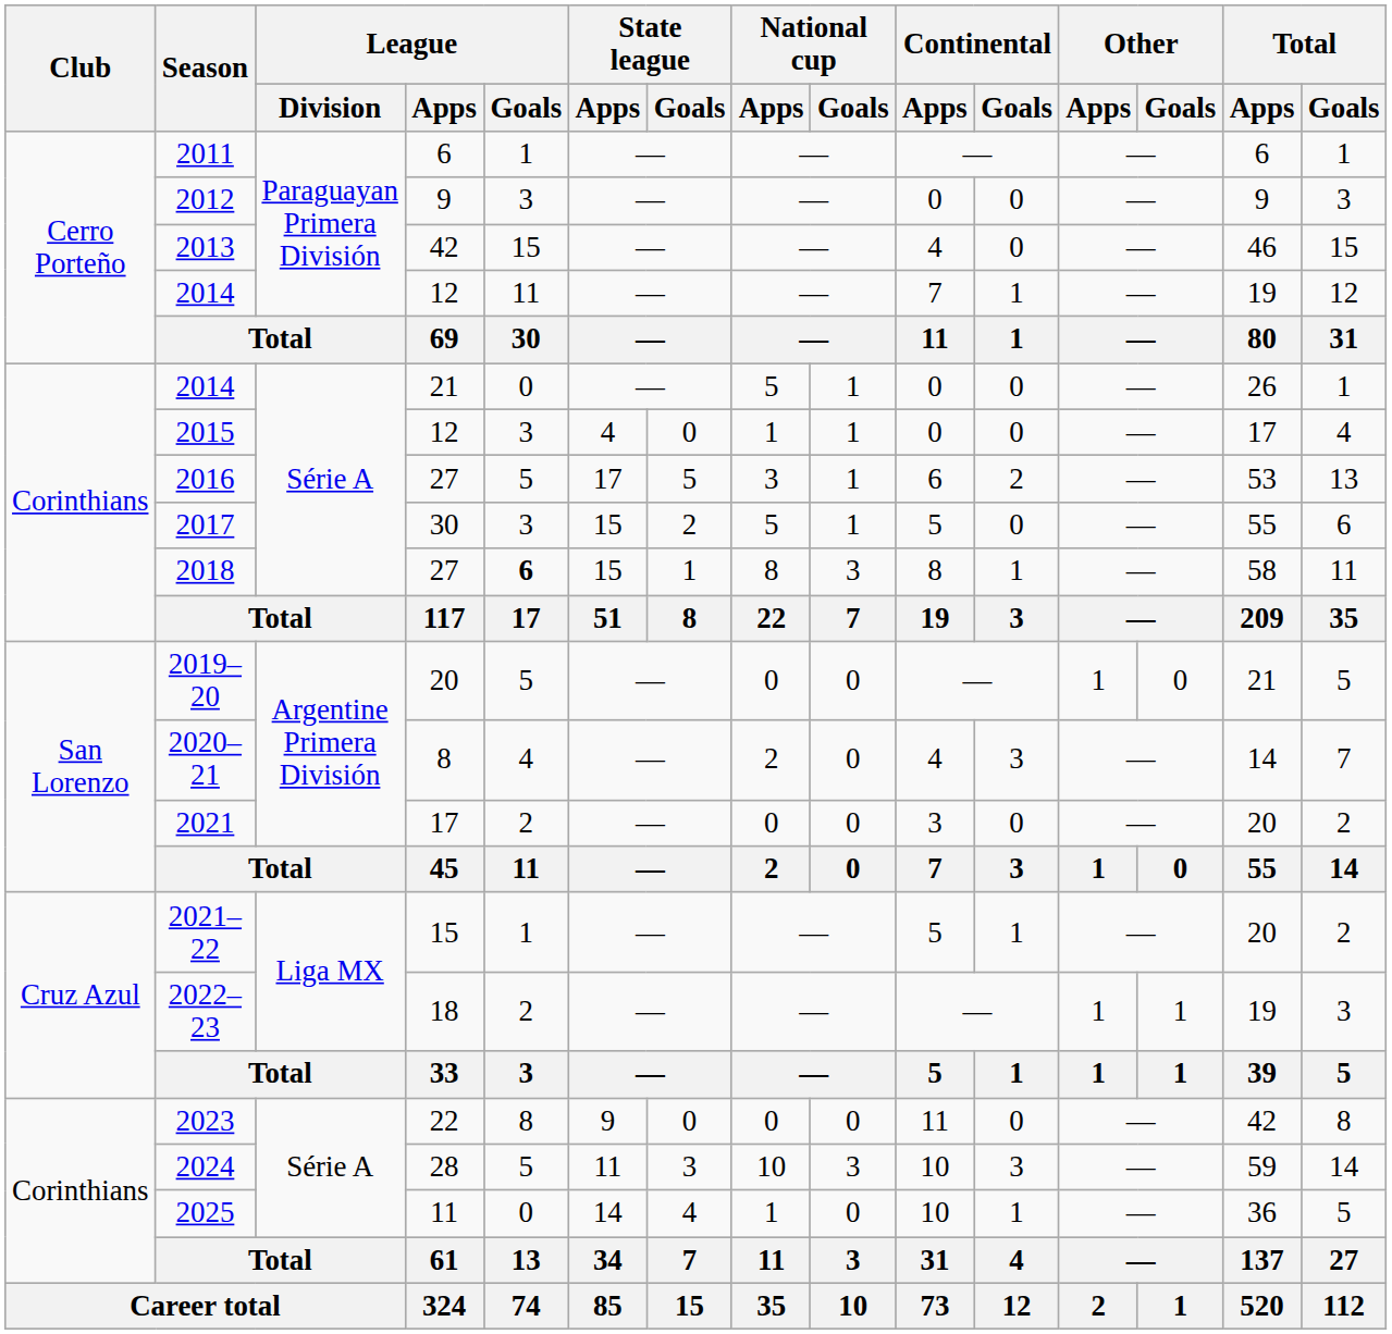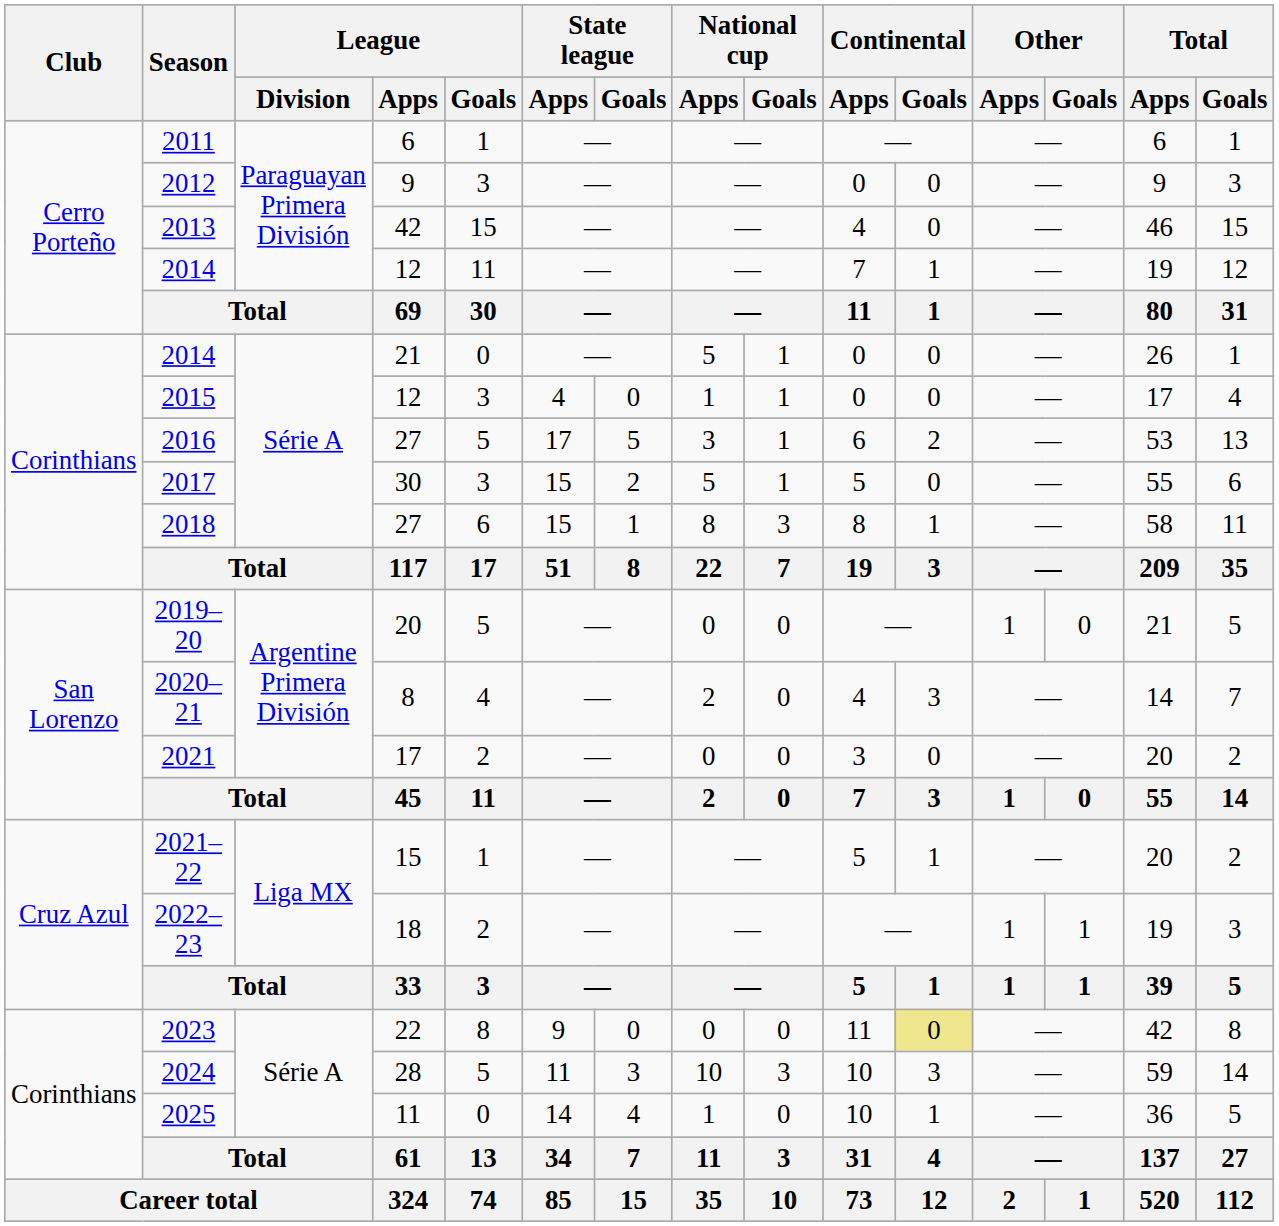 <table class="wikitable" style="text-align:center">
 <tr>
 <th rowspan="2">Club</th>
 <th rowspan="2">Season</th>
 <th colspan="3">League</th>
 <th colspan="2">State league</th>
 <th colspan="2">National cup</th>
 <th colspan="2">Continental</th>
 <th colspan="2">Other</th>
 <th colspan="2">Total</th>
 </tr>
 <tr>
 <th>Division</th>
 <th>Apps</th>
 <th>Goals</th>
 <th>Apps</th>
 <th>Goals</th>
 <th>Apps</th>
 <th>Goals</th>
 <th>Apps</th>
 <th>Goals</th>
 <th>Apps</th>
 <th>Goals</th>
 <th>Apps</th>
 <th>Goals</th>
 </tr>
 <tr>
 <td rowspan="5"><a href='#'>Cerro Porteño</a></td>
 <td><a href='#'>2011</a></td>
 <td rowspan="4"><a href='#'>Paraguayan Primera División</a></td>
 <td>6</td>
 <td>1</td>
 <td colspan="2">—</td>
 <td colspan="2">—</td>
 <td colspan="2">—</td>
 <td colspan="2">—</td>
 <td>6</td>
 <td>1</td>
 </tr>
 <tr>
 <td><a href='#'>2012</a></td>
 <td>9</td>
 <td>3</td>
 <td colspan="2">—</td>
 <td colspan="2">—</td>
 <td>0</td>
 <td>0</td>
 <td colspan="2">—</td>
 <td>9</td>
 <td>3</td>
 </tr>
 <tr>
 <td><a href='#'>2013</a></td>
 <td>42</td>
 <td>15</td>
 <td colspan="2">—</td>
 <td colspan="2">—</td>
 <td>4</td>
 <td>0</td>
 <td colspan="2">—</td>
 <td>46</td>
 <td>15</td>
 </tr>
 <tr>
 <td><a href='#'>2014</a></td>
 <td>12</td>
 <td>11</td>
 <td colspan="2">—</td>
 <td colspan="2">—</td>
 <td>7</td>
 <td>1</td>
 <td colspan="2">—</td>
 <td>19</td>
 <td>12</td>
 </tr>
 <tr>
 <th colspan="2">Total</th>
 <th>69</th>
 <th>30</th>
 <th colspan="2">—</th>
 <th colspan="2">—</th>
 <th>11</th>
 <th>1</th>
 <th colspan="2">—</th>
 <th>80</th>
 <th>31</th>
 </tr>
 <tr>
 <td rowspan="6"><a href='#'>Corinthians</a></td>
 <td><a href='#'>2014</a></td>
 <td rowspan="5"><a href='#'>Série A</a></td>
 <td>21</td>
 <td>0</td>
 <td colspan="2">—</td>
 <td>5</td>
 <td>1</td>
 <td>0</td>
 <td>0</td>
 <td colspan="2">—</td>
 <td>26</td>
 <td>1</td>
 </tr>
 <tr>
 <td><a href='#'>2015</a></td>
 <td>12</td>
 <td>3</td>
 <td>4</td>
 <td>0</td>
 <td>1</td>
 <td>1</td>
 <td>0</td>
 <td>0</td>
 <td colspan="2">—</td>
 <td>17</td>
 <td>4</td>
 </tr>
 <tr>
 <td><a href='#'>2016</a></td>
 <td>27</td>
 <td>5</td>
 <td>17</td>
 <td>5</td>
 <td>3</td>
 <td>1</td>
 <td>6</td>
 <td>2</td>
 <td colspan="2">—</td>
 <td>53</td>
 <td>13</td>
 </tr>
 <tr>
 <td><a href='#'>2017</a></td>
 <td>30</td>
 <td>3</td>
 <td>15</td>
 <td>2</td>
 <td>5</td>
 <td>1</td>
 <td>5</td>
 <td>0</td>
 <td colspan="2">—</td>
 <td>55</td>
 <td>6</td>
 </tr>
 <tr>
 <td><a href='#'>2018</a></td>
 <td>27</td>
-<td><strong>6</strong></td>
+<td>6</td>
 <td>15</td>
 <td>1</td>
 <td>8</td>
 <td>3</td>
 <td>8</td>
 <td>1</td>
 <td colspan="2">—</td>
 <td>58</td>
 <td>11</td>
 </tr>
 <tr>
 <th colspan="2">Total</th>
 <th>117</th>
 <th>17</th>
 <th>51</th>
 <th>8</th>
 <th>22</th>
 <th>7</th>
 <th>19</th>
 <th>3</th>
 <th colspan="2">—</th>
 <th>209</th>
 <th>35</th>
 </tr>
 <tr>
 <td rowspan="4"><a href='#'>San Lorenzo</a></td>
 <td><a href='#'>2019–20</a></td>
 <td rowspan="3"><a href='#'>Argentine Primera División</a></td>
 <td>20</td>
 <td>5</td>
 <td colspan="2">—</td>
 <td>0</td>
 <td>0</td>
 <td colspan="2">—</td>
 <td>1</td>
 <td>0</td>
 <td>21</td>
 <td>5</td>
 </tr>
 <tr>
 <td><a href='#'>2020–21</a></td>
 <td>8</td>
 <td>4</td>
 <td colspan="2">—</td>
 <td>2</td>
 <td>0</td>
 <td>4</td>
 <td>3</td>
 <td colspan="2">—</td>
 <td>14</td>
 <td>7</td>
 </tr>
 <tr>
 <td><a href='#'>2021</a></td>
 <td>17</td>
 <td>2</td>
 <td colspan="2">—</td>
 <td>0</td>
 <td>0</td>
 <td>3</td>
 <td>0</td>
 <td colspan="2">—</td>
 <td>20</td>
 <td>2</td>
 </tr>
 <tr>
 <th colspan="2">Total</th>
 <th>45</th>
 <th>11</th>
 <th colspan="2">—</th>
 <th>2</th>
 <th>0</th>
 <th>7</th>
 <th>3</th>
 <th>1</th>
 <th>0</th>
 <th>55</th>
 <th>14</th>
 </tr>
 <tr>
 <td rowspan="3"><a href='#'>Cruz Azul</a></td>
 <td><a href='#'>2021–22</a></td>
 <td rowspan="2"><a href='#'>Liga MX</a></td>
 <td>15</td>
 <td>1</td>
 <td colspan="2">—</td>
 <td colspan="2">—</td>
 <td>5</td>
 <td>1</td>
 <td colspan="2">—</td>
 <td>20</td>
 <td>2</td>
 </tr>
 <tr>
 <td><a href='#'>2022–23</a></td>
 <td>18</td>
 <td>2</td>
 <td colspan="2">—</td>
 <td colspan="2">—</td>
 <td colspan="2">—</td>
 <td>1</td>
 <td>1</td>
 <td>19</td>
 <td>3</td>
 </tr>
 <tr>
 <th colspan="2">Total</th>
 <th>33</th>
 <th>3</th>
 <th colspan="2">—</th>
 <th colspan="2">—</th>
 <th>5</th>
 <th>1</th>
 <th>1</th>
 <th>1</th>
 <th>39</th>
 <th>5</th>
 </tr>
 <tr>
 <td rowspan="4">Corinthians</td>
 <td><a href='#'>2023</a></td>
 <td rowspan="3">Série A</td>
 <td>22</td>
 <td>8</td>
 <td>9</td>
 <td>0</td>
 <td>0</td>
 <td>0</td>
 <td>11</td>
-<td>0</td>
+<td style="background: khaki;">0</td>
 <td colspan="2">—</td>
 <td>42</td>
 <td>8</td>
 </tr>
 <tr>
 <td><a href='#'>2024</a></td>
 <td>28</td>
 <td>5</td>
 <td>11</td>
 <td>3</td>
 <td>10</td>
 <td>3</td>
 <td>10</td>
 <td>3</td>
 <td colspan="2">—</td>
 <td>59</td>
 <td>14</td>
 </tr>
 <tr>
 <td><a href='#'>2025</a></td>
 <td>11</td>
 <td>0</td>
 <td>14</td>
 <td>4</td>
 <td>1</td>
 <td>0</td>
 <td>10</td>
 <td>1</td>
 <td colspan="2">—</td>
 <td>36</td>
 <td>5</td>
 </tr>
 <tr>
 <th colspan="2">Total</th>
 <th>61</th>
 <th>13</th>
 <th>34</th>
 <th>7</th>
 <th>11</th>
 <th>3</th>
 <th>31</th>
 <th>4</th>
 <th colspan="2">—</th>
 <th>137</th>
 <th>27</th>
 </tr>
 <tr>
 <th colspan="3">Career total</th>
 <th>324</th>
 <th>74</th>
 <th>85</th>
 <th>15</th>
 <th>35</th>
 <th>10</th>
 <th>73</th>
 <th>12</th>
 <th>2</th>
 <th>1</th>
 <th>520</th>
 <th>112</th>
 </tr>
 </table>
